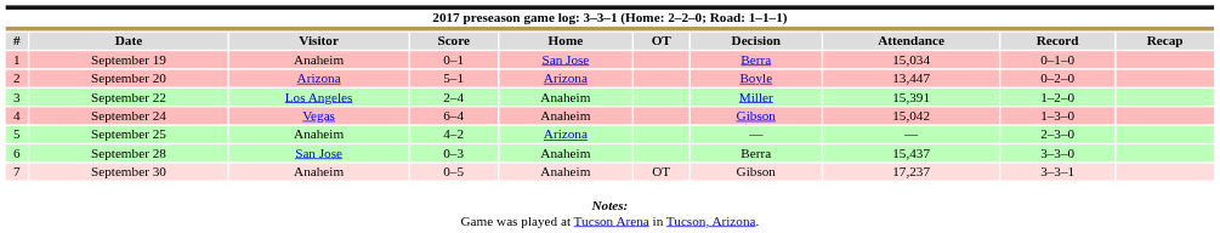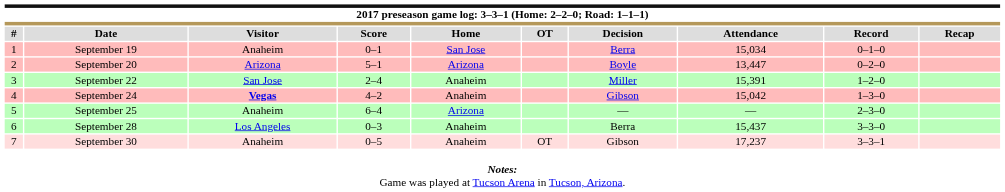 <table class="toccolours collapsible collapsed" style="width:90%; clear:both; margin:1.5em auto; text-align:center;">
 <tr>
 <th colspan=10 style="background:#FFFFFF; border-top:#111111 5px solid; border-bottom:#B5985A 5px solid;">2017 preseason game log: 3–3–1 (Home: 2–2–0; Road: 1–1–1)</th>
 </tr>
 <tr style="background:#ddd;">
 <th>#</th>
 <th>Date</th>
 <th>Visitor</th>
 <th>Score</th>
 <th>Home</th>
 <th>OT</th>
 <th>Decision</th>
 <th>Attendance</th>
 <th>Record</th>
 <th>Recap</th>
 </tr>
 <tr style="background:#fbb;">
 <td>1</td>
 <td>September 19</td>
 <td>Anaheim</td>
 <td>0–1</td>
 <td><a href='#'>San Jose</a></td>
 <td></td>
 <td><a href='#'>Berra</a></td>
 <td>15,034</td>
 <td>0–1–0</td>
 <td></td>
 </tr>
 <tr style="background:#fbb;">
 <td>2</td>
 <td>September 20</td>
 <td><a href='#'>Arizona</a></td>
 <td>5–1</td>
 <td><a href='#'>Arizona</a></td>
 <td></td>
 <td><a href='#'>Boyle</a></td>
 <td>13,447</td>
 <td>0–2–0</td>
 <td></td>
 </tr>
 <tr style="background:#bfb;">
 <td>3</td>
 <td>September 22</td>
-<td><a href='#'>Los Angeles</a></td>
+<td><a href='#'>San Jose</a></td>
 <td>2–4</td>
 <td>Anaheim</td>
 <td></td>
 <td><a href='#'>Miller</a></td>
 <td>15,391</td>
 <td>1–2–0</td>
 <td></td>
 </tr>
 <tr style="background:#fbb;">
 <td>4</td>
 <td>September 24</td>
-<td><a href='#'>Vegas</a></td>
-<td>6–4</td>
+<td><strong><a href='#'>Vegas</a></strong></td>
+<td>4–2</td>
 <td>Anaheim</td>
 <td></td>
 <td><a href='#'>Gibson</a></td>
 <td>15,042</td>
 <td>1–3–0</td>
 <td></td>
 </tr>
 <tr style="background:#bfb;">
 <td>5</td>
 <td>September 25</td>
 <td>Anaheim</td>
-<td>4–2</td>
+<td>6–4</td>
 <td><a href='#'>Arizona</a></td>
 <td></td>
 <td>—</td>
 <td>—</td>
 <td>2–3–0</td>
 <td></td>
 </tr>
 <tr style="background:#bfb;">
 <td>6</td>
 <td>September 28</td>
-<td><a href='#'>San Jose</a></td>
+<td><a href='#'>Los Angeles</a></td>
 <td>0–3</td>
 <td>Anaheim</td>
 <td></td>
 <td>Berra</td>
 <td>15,437</td>
 <td>3–3–0</td>
 <td></td>
 </tr>
 <tr style="background:#fdd;">
 <td>7</td>
 <td>September 30</td>
 <td>Anaheim</td>
 <td>0–5</td>
 <td>Anaheim</td>
 <td>OT</td>
 <td>Gibson</td>
 <td>17,237</td>
 <td>3–3–1</td>
 <td></td>
 </tr>
 <tr>
 <td colspan="10" style="text-align:center;"><br><strong><em>Notes:</em></strong><br> Game was played at <a href='#'>Tucson Arena</a> in <a href='#'>Tucson, Arizona</a>.</td>
 </tr>
 </table>
